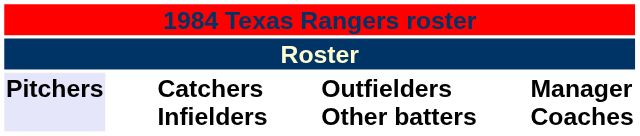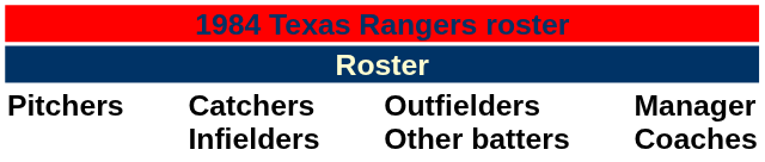 <table class="toccolours" style="font-size: 95%;">
 <tr>
 <th colspan="10" style="background:red; color:#036; text-align:center;">1984 Texas Rangers roster</th>
 </tr>
 <tr>
 <td colspan="10" style="background:#036; color:#fffdd0; text-align:center;"><strong>Roster</strong></td>
 </tr>
 <tr>
-<td valign="top" style="background: lavender;"><strong>Pitchers</strong><br>             </td>
+<td valign="top"><strong>Pitchers</strong><br>             </td>
 <td style="width:25px;"></td>
 <td valign="top"><strong>Catchers</strong><br>   <strong>Infielders</strong>          </td>
 <td style="width:25px;"></td>
 <td valign="top"><strong>Outfielders</strong><br>      <strong>Other batters</strong>  </td>
 <td style="width:25px;"></td>
 <td valign="top"><strong>Manager</strong><br> <strong>Coaches</strong>     </td>
 </tr>
 </table>
